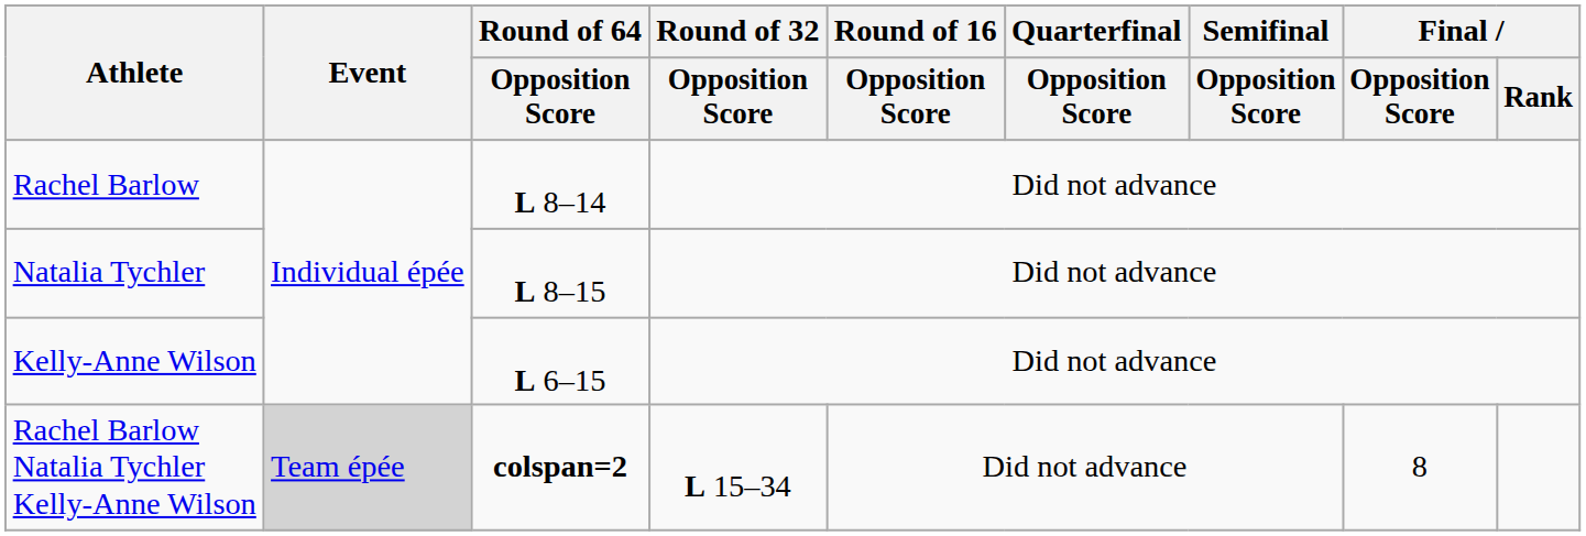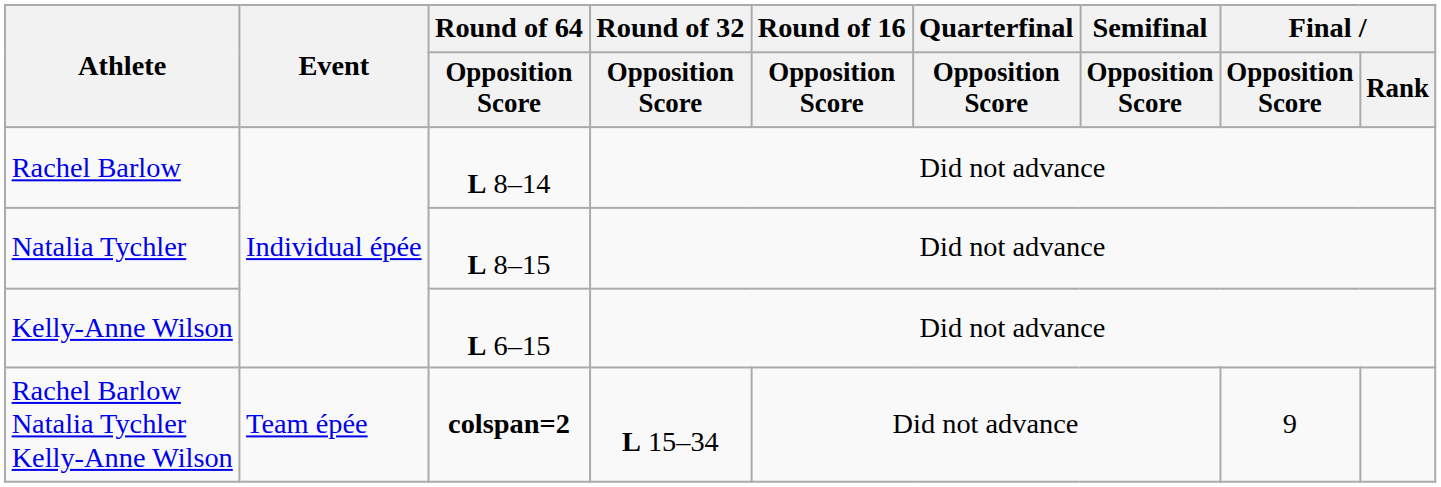 <table class="wikitable" style="font-size:90%">
 <tr>
 <th rowspan="2">Athlete</th>
 <th rowspan="2">Event</th>
 <th>Round of 64</th>
 <th>Round of 32</th>
 <th>Round of 16</th>
 <th>Quarterfinal</th>
 <th>Semifinal</th>
 <th colspan=2>Final / </th>
 </tr>
 <tr style="font-size:95%">
 <th>Opposition <br> Score</th>
 <th>Opposition <br> Score</th>
 <th>Opposition <br> Score</th>
 <th>Opposition <br> Score</th>
 <th>Opposition <br> Score</th>
 <th>Opposition <br> Score</th>
 <th>Rank</th>
 </tr>
 <tr align=center>
 <td align=left><a href='#'>Rachel Barlow</a></td>
 <td align=left rowspan=3><a href='#'>Individual épée</a></td>
 <td><br><strong>L</strong> 8–14</td>
 <td colspan=6>Did not advance</td>
 </tr>
 <tr align=center>
 <td align=left><a href='#'>Natalia Tychler</a></td>
 <td><br><strong>L</strong> 8–15</td>
 <td colspan=6>Did not advance</td>
 </tr>
 <tr align=center>
 <td align=left><a href='#'>Kelly-Anne Wilson</a></td>
 <td><br><strong>L</strong> 6–15</td>
 <td colspan=6>Did not advance</td>
 </tr>
 <tr align=center>
 <td align=left><a href='#'>Rachel Barlow</a><br><a href='#'>Natalia Tychler</a><br><a href='#'>Kelly-Anne Wilson</a></td>
-<td align=left style="background: lightgrey;"><a href='#'>Team épée</a></td>
+<td align=left><a href='#'>Team épée</a></td>
 <td><strong>colspan=2 </strong></td>
 <td><br><strong>L</strong> 15–34</td>
 <td colspan=3>Did not advance</td>
-<td>8</td>
+<td>9</td>
 </tr>
 </table>
